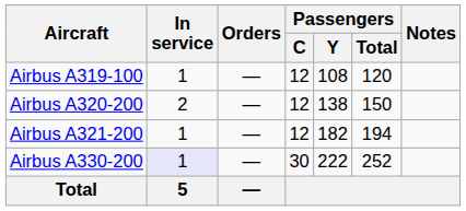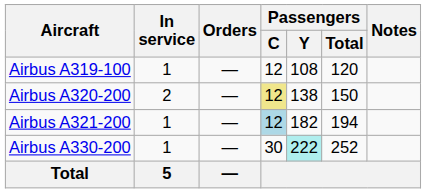 <table class="wikitable" style="margin:0.5em auto; text-align:center">
 <tr>
 <th rowspan=2>Aircraft</th>
 <th rowspan=2>In<br>service</th>
 <th rowspan=2>Orders</th>
 <th colspan=3>Passengers</th>
 <th rowspan=2>Notes</th>
 </tr>
 <tr>
 <th><abbr>C</abbr></th>
 <th><abbr>Y</abbr></th>
 <th>Total</th>
 </tr>
 <tr>
 <td><a href='#'>Airbus A319-100</a></td>
 <td>1</td>
 <td>—</td>
 <td>12</td>
 <td>108</td>
 <td>120</td>
 <td></td>
 </tr>
 <tr>
 <td><a href='#'>Airbus A320-200</a></td>
 <td>2</td>
 <td>—</td>
-<td>12</td>
+<td style="background: khaki;">12</td>
 <td>138</td>
 <td>150</td>
 <td></td>
 </tr>
 <tr>
 <td><a href='#'>Airbus A321-200</a></td>
 <td>1</td>
 <td>—</td>
-<td>12</td>
+<td style="background: lightblue;">12</td>
 <td>182</td>
 <td>194</td>
 <td></td>
 </tr>
 <tr>
 <td><a href='#'>Airbus A330-200</a></td>
-<td style="background: lavender;">1</td>
+<td>1</td>
 <td>—</td>
 <td>30</td>
-<td>222</td>
+<td style="background: paleturquoise;">222</td>
 <td>252</td>
 <td></td>
 </tr>
 <tr>
 <th>Total</th>
 <th>5</th>
 <th>—</th>
 <th colspan=4></th>
 </tr>
 </table>
